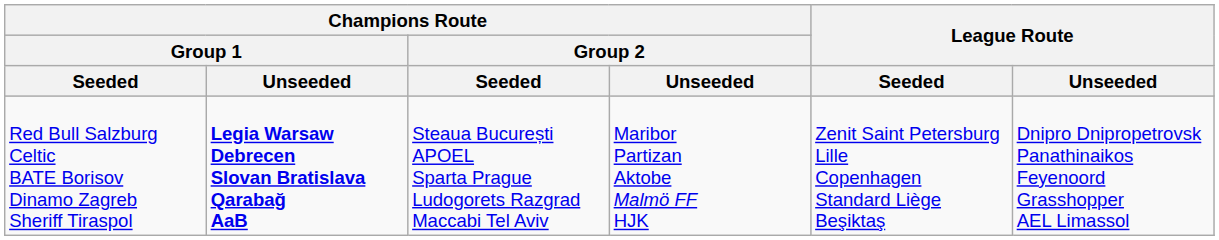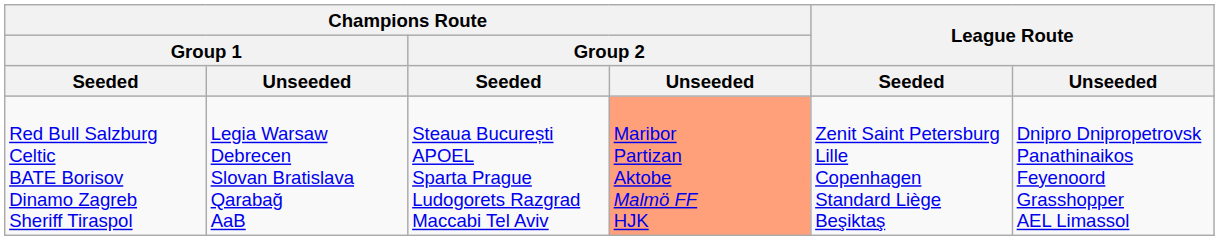 <table class="wikitable" style="font-size:80%">
 <tr>
 <th colspan=4>Champions Route</th>
 <th colspan=2 rowspan=2>League Route</th>
 </tr>
 <tr>
 <th colspan=2>Group 1</th>
 <th colspan=2>Group 2</th>
 </tr>
 <tr>
 <th width=16%>Seeded</th>
 <th width=16%>Unseeded</th>
 <th width=16%>Seeded</th>
 <th width=16%>Unseeded</th>
 <th width=16%>Seeded</th>
 <th width=16%>Unseeded</th>
 </tr>
 <tr>
 <td valign=top><br> <a href='#'>Red Bull Salzburg</a><br>  <a href='#'>Celtic</a><br>  <a href='#'>BATE Borisov</a><br>  <a href='#'>Dinamo Zagreb</a><br>  <a href='#'>Sheriff Tiraspol</a></td>
-<td valign=top><strong><br> <a href='#'>Legia Warsaw</a><br>  <a href='#'>Debrecen</a><br>  <a href='#'>Slovan Bratislava</a><br>  <a href='#'>Qarabağ</a><br>  <a href='#'>AaB</a></strong></td>
+<td valign=top><br> <a href='#'>Legia Warsaw</a><br>  <a href='#'>Debrecen</a><br>  <a href='#'>Slovan Bratislava</a><br>  <a href='#'>Qarabağ</a><br>  <a href='#'>AaB</a></td>
 <td valign=top><br> <a href='#'>Steaua București</a><br>  <a href='#'>APOEL</a><br>  <a href='#'>Sparta Prague</a><br>  <a href='#'>Ludogorets Razgrad</a><br>  <a href='#'>Maccabi Tel Aviv</a></td>
-<td valign=top><br> <a href='#'>Maribor</a><br>  <a href='#'>Partizan</a><br>  <a href='#'>Aktobe</a><br>  <em><a href='#'>Malmö FF</a></em><br>  <a href='#'>HJK</a></td>
+<td valign=top style="background: lightsalmon;"><br> <a href='#'>Maribor</a><br>  <a href='#'>Partizan</a><br>  <a href='#'>Aktobe</a><br>  <em><a href='#'>Malmö FF</a></em><br>  <a href='#'>HJK</a></td>
 <td valign=top><br> <a href='#'>Zenit Saint Petersburg</a><br>  <a href='#'>Lille</a><br>  <a href='#'>Copenhagen</a><br>  <a href='#'>Standard Liège</a><br>  <a href='#'>Beşiktaş</a></td>
 <td valign=top><br> <a href='#'>Dnipro Dnipropetrovsk</a><br>  <a href='#'>Panathinaikos</a><br>  <a href='#'>Feyenoord</a><br>  <a href='#'>Grasshopper</a><br>  <a href='#'>AEL Limassol</a></td>
 </tr>
 </table>
